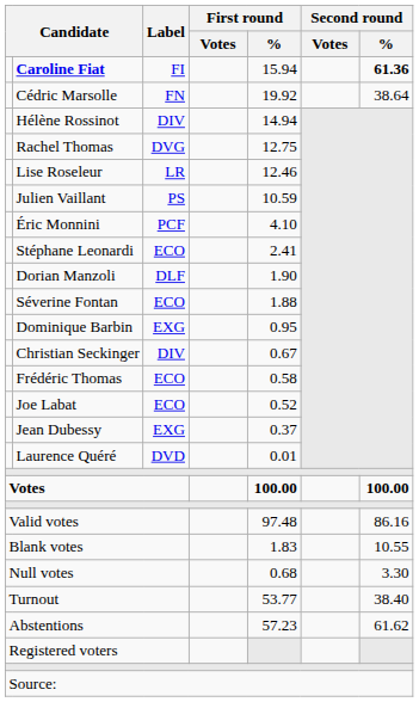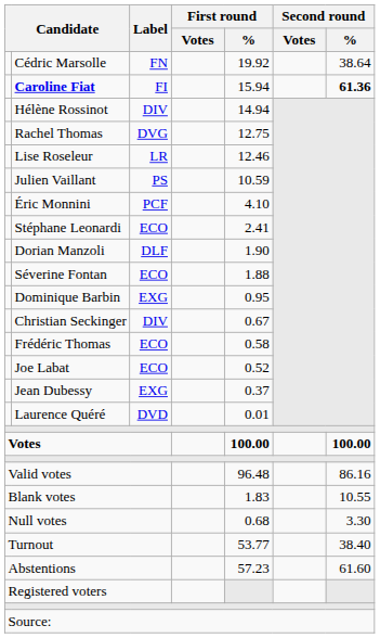 <table class="wikitable" style="text-align:right;font-size:95%;">
 <tr>
 <th rowspan="2" colspan="2">Candidate</th>
 <th rowspan="2">Label</th>
 <th colspan="2">First round</th>
 <th colspan="2">Second round</th>
 </tr>
 <tr>
 <th style="width:50px;">Votes</th>
 <th style="width:45px;">%</th>
 <th style="width:50px;">Votes</th>
 <th style="width:45px;">%</th>
 </tr>
 <tr>
 <td style="color:inherit;background:"></td>
+<td style="text-align:left;">Cédric Marsolle</td>
+<td><a href='#'>FN</a></td>
+<td></td>
+<td>19.92</td>
+<td></td>
+<td>38.64</td>
+</tr>
+<tr>
+<td style="color:inherit;background:"></td>
 <td style="text-align:left;"><strong><a href='#'>Caroline Fiat</a></strong></td>
 <td><a href='#'>FI</a></td>
 <td></td>
 <td>15.94</td>
 <td><strong></strong></td>
 <td><strong>61.36</strong></td>
-</tr>
-<tr>
-<td style="color:inherit;background:"></td>
-<td style="text-align:left;">Cédric Marsolle</td>
-<td><a href='#'>FN</a></td>
-<td></td>
-<td>19.92</td>
-<td></td>
-<td>38.64</td>
 </tr>
 <tr>
 <td style="color:inherit;background:"></td>
 <td style="text-align:left;">Hélène Rossinot</td>
 <td><a href='#'>DIV</a></td>
 <td></td>
 <td>14.94</td>
 <td colspan="2" rowspan="14" style="background:#E9E9E9;"></td>
 </tr>
 <tr>
 <td style="color:inherit;background:"></td>
 <td style="text-align:left;">Rachel Thomas</td>
 <td><a href='#'>DVG</a></td>
 <td></td>
 <td>12.75</td>
 </tr>
 <tr>
 <td style="color:inherit;background:"></td>
 <td style="text-align:left;">Lise Roseleur</td>
 <td><a href='#'>LR</a></td>
 <td></td>
 <td>12.46</td>
 </tr>
 <tr>
 <td style="color:inherit;background:"></td>
 <td style="text-align:left;">Julien Vaillant</td>
 <td><a href='#'>PS</a></td>
 <td></td>
 <td>10.59</td>
 </tr>
 <tr>
 <td style="color:inherit;background:"></td>
 <td style="text-align:left;">Éric Monnini</td>
 <td><a href='#'>PCF</a></td>
 <td></td>
 <td>4.10</td>
 </tr>
 <tr>
 <td style="color:inherit;background:"></td>
 <td style="text-align:left;">Stéphane Leonardi</td>
 <td><a href='#'>ECO</a></td>
 <td></td>
 <td>2.41</td>
 </tr>
 <tr>
 <td style="color:inherit;background:"></td>
 <td style="text-align:left;">Dorian Manzoli</td>
 <td><a href='#'>DLF</a></td>
 <td></td>
 <td>1.90</td>
 </tr>
 <tr>
 <td style="color:inherit;background:"></td>
 <td style="text-align:left;">Séverine Fontan</td>
 <td><a href='#'>ECO</a></td>
 <td></td>
 <td>1.88</td>
 </tr>
 <tr>
 <td style="color:inherit;background:"></td>
 <td style="text-align:left;">Dominique Barbin</td>
 <td><a href='#'>EXG</a></td>
 <td></td>
 <td>0.95</td>
 </tr>
 <tr>
 <td style="color:inherit;background:"></td>
 <td style="text-align:left;">Christian Seckinger</td>
 <td><a href='#'>DIV</a></td>
 <td></td>
 <td>0.67</td>
 </tr>
 <tr>
 <td style="color:inherit;background:"></td>
 <td style="text-align:left;">Frédéric Thomas</td>
 <td><a href='#'>ECO</a></td>
 <td></td>
 <td>0.58</td>
 </tr>
 <tr>
 <td style="color:inherit;background:"></td>
 <td style="text-align:left;">Joe Labat</td>
 <td><a href='#'>ECO</a></td>
 <td></td>
 <td>0.52</td>
 </tr>
 <tr>
 <td style="color:inherit;background:"></td>
 <td style="text-align:left;">Jean Dubessy</td>
 <td><a href='#'>EXG</a></td>
 <td></td>
 <td>0.37</td>
 </tr>
 <tr>
 <td style="color:inherit;background:"></td>
 <td style="text-align:left;">Laurence Quéré</td>
 <td><a href='#'>DVD</a></td>
 <td></td>
 <td>0.01</td>
 </tr>
 <tr>
 <td colspan="7" style="background:#E9E9E9;"></td>
 </tr>
 <tr style="font-weight:bold;">
 <td colspan="3" style="text-align:left;">Votes</td>
 <td></td>
 <td>100.00</td>
 <td></td>
 <td>100.00</td>
 </tr>
 <tr>
 <td colspan="7" style="background:#E9E9E9;"></td>
 </tr>
 <tr>
 <td colspan="3" style="text-align:left;">Valid votes</td>
 <td></td>
-<td>97.48</td>
+<td>96.48</td>
 <td></td>
 <td>86.16</td>
 </tr>
 <tr>
 <td colspan="3" style="text-align:left;">Blank votes</td>
 <td></td>
 <td>1.83</td>
 <td></td>
 <td>10.55</td>
 </tr>
 <tr>
 <td colspan="3" style="text-align:left;">Null votes</td>
 <td></td>
 <td>0.68</td>
 <td></td>
 <td>3.30</td>
 </tr>
 <tr>
 <td colspan="3" style="text-align:left;">Turnout</td>
 <td></td>
 <td>53.77</td>
 <td></td>
 <td>38.40</td>
 </tr>
 <tr>
 <td colspan="3" style="text-align:left;">Abstentions</td>
 <td></td>
 <td>57.23</td>
 <td></td>
-<td>61.62</td>
+<td>61.60</td>
 </tr>
 <tr>
 <td colspan="3" style="text-align:left;">Registered voters</td>
 <td></td>
 <td style="background:#E9E9E9;"></td>
 <td></td>
 <td style="background:#E9E9E9;"></td>
 </tr>
 <tr>
 <td colspan="7" style="background:#E9E9E9;"></td>
 </tr>
 <tr>
 <td colspan="7" style="text-align:left;">Source: </td>
 </tr>
 </table>
